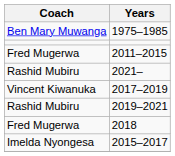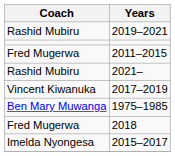 <table class="wikitable collapsible">
 <tr>
 <th>Coach</th>
 <th>Years</th>
 </tr>
 <tr>
-<td><a href='#'>Ben Mary Muwanga</a></td>
-<td>1975–1985</td>
+<td>Rashid Mubiru</td>
+<td>2019–2021</td>
 </tr>
 <tr>
 <td></td>
 </tr>
 <tr>
 <td>Fred Mugerwa</td>
 <td>2011–2015</td>
 </tr>
 <tr>
 <td>Rashid Mubiru</td>
 <td>2021–</td>
 </tr>
 <tr>
 <td>Vincent Kiwanuka</td>
 <td>2017–2019</td>
 </tr>
 <tr>
-<td>Rashid Mubiru</td>
-<td>2019–2021</td>
+<td><a href='#'>Ben Mary Muwanga</a></td>
+<td>1975–1985</td>
 </tr>
 <tr>
 <td>Fred Mugerwa</td>
 <td>2018</td>
 </tr>
 <tr>
 <td>Imelda Nyongesa</td>
 <td>2015–2017</td>
 </tr>
 <tr>
 </tr>
 </table>
